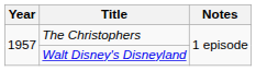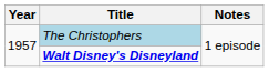 <table class="wikitable">
 <tr>
 <th>Year</th>
 <th>Title</th>
 <th>Notes</th>
 </tr>
 <tr>
 <td rowspan=2>1957</td>
-<td><em>The Christophers</em></td>
+<td style="background: lightblue;"><em>The Christophers</em></td>
 <td rowspan=2>1 episode</td>
 </tr>
 <tr>
-<td><em><a href='#'>Walt Disney's Disneyland</a></em></td>
+<td><strong><em><a href='#'>Walt Disney's Disneyland</a></em></strong></td>
 </tr>
 </table>
